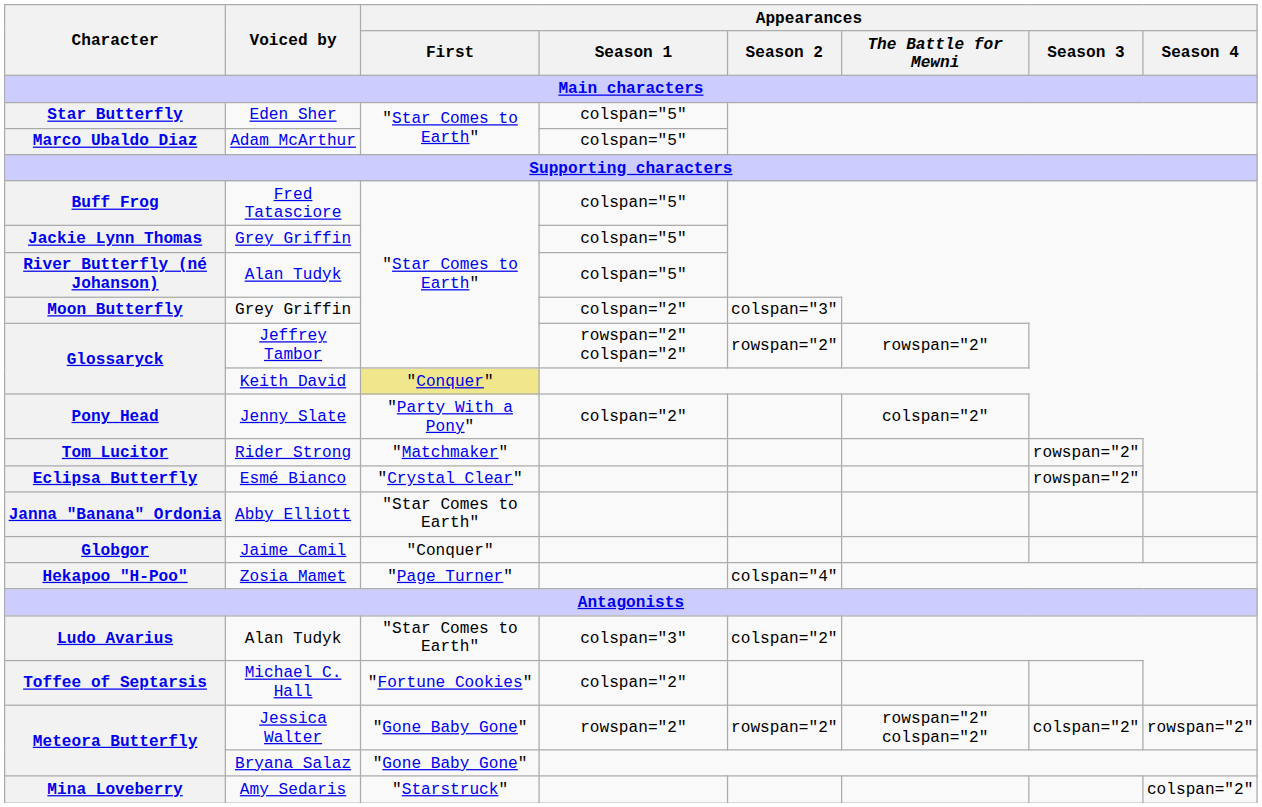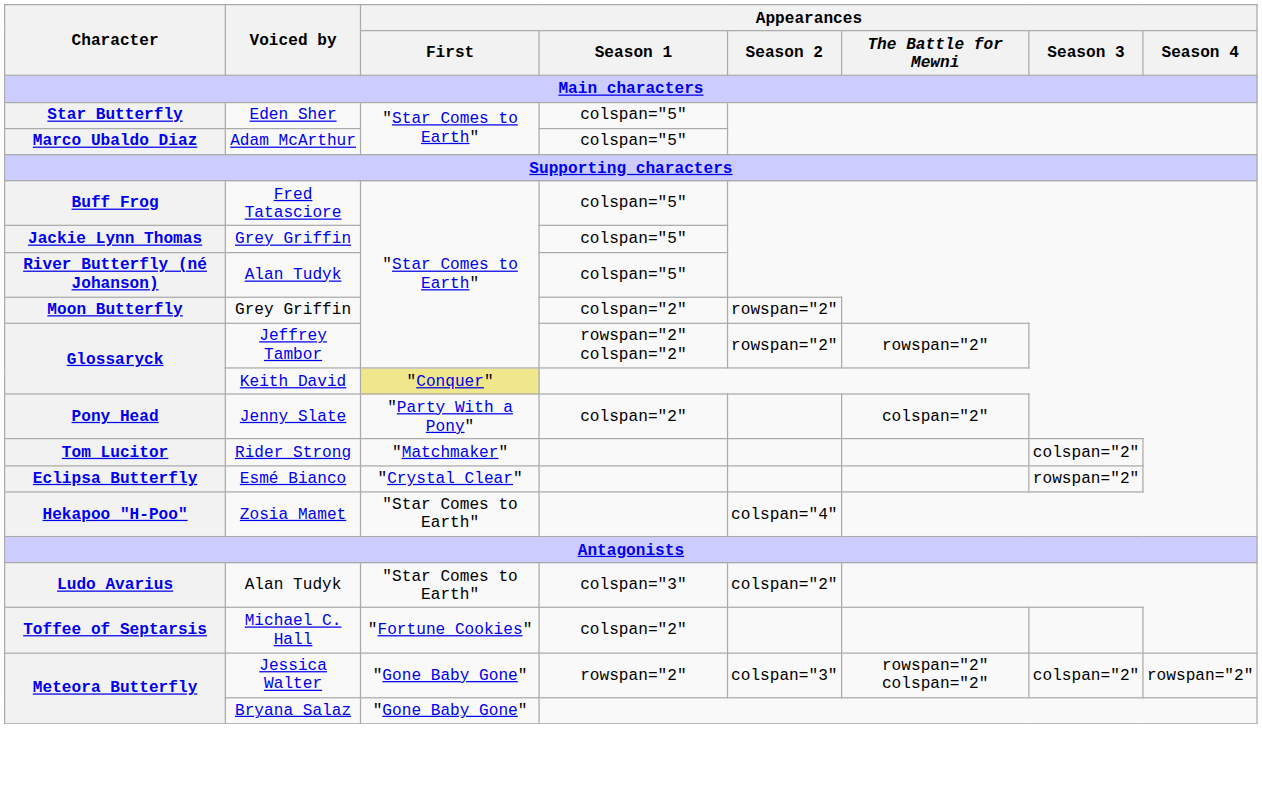 <table class="wikitable" style="text-align:center; width:80%">
 <tr>
 <th scope="col" rowspan="2">Character</th>
 <th scope="col" rowspan="2">Voiced by</th>
 <th scope="col" colspan="6">Appearances</th>
 </tr>
 <tr>
 <th scope="col">First</th>
 <th scope="col">Season 1</th>
 <th scope="col">Season 2</th>
 <th scope="col"><em>The Battle for Mewni</em></th>
 <th scope="col">Season 3</th>
 <th scope="col">Season 4</th>
 </tr>
 <tr>
 <th colspan="8" style="background-color:#ccccff;"><a href='#'>Main characters</a></th>
 </tr>
 <tr>
 <th scope="row"><a href='#'>Star Butterfly</a></th>
 <td><a href='#'>Eden Sher</a></td>
 <td rowspan="2">"<a href='#'>Star Comes to Earth</a>"</td>
 <td>colspan="5" </td>
 </tr>
 <tr>
 <th scope="row"><a href='#'>Marco Ubaldo Diaz</a></th>
 <td><a href='#'>Adam McArthur</a></td>
 <td>colspan="5" </td>
 </tr>
 <tr>
 <th colspan="8" style="background-color:#ccccff;"><a href='#'>Supporting characters</a></th>
 </tr>
 <tr>
 <th scope="row"><a href='#'>Buff Frog<br></a></th>
 <td><a href='#'>Fred Tatasciore</a></td>
 <td rowspan="5">"<a href='#'>Star Comes to Earth</a>"</td>
 <td>colspan="5" </td>
 </tr>
 <tr>
 <th scope="row"><a href='#'>Jackie Lynn Thomas</a></th>
 <td><a href='#'>Grey Griffin</a></td>
 <td>colspan="5" </td>
 </tr>
 <tr>
 <th scope="row"><a href='#'>River Butterfly (né Johanson)</a></th>
 <td><a href='#'>Alan Tudyk</a></td>
 <td>colspan="5" </td>
 </tr>
 <tr>
 <th scope="row"><a href='#'>Moon Butterfly<br></a></th>
 <td>Grey Griffin</td>
 <td>colspan="2" </td>
-<td>colspan="3" </td>
+<td>rowspan="2" </td>
 </tr>
 <tr>
 <th rowspan="2" scope="row"><a href='#'>Glossaryck</a></th>
 <td><a href='#'>Jeffrey Tambor</a></td>
 <td>rowspan="2" colspan="2" </td>
 <td>rowspan="2" </td>
 <td>rowspan="2" </td>
 </tr>
 <tr>
 <td><a href='#'>Keith David</a></td>
 <td style="background: khaki;">"<a href='#'>Conquer</a>"</td>
 </tr>
 <tr>
 <th scope="row"><a href='#'>Pony Head</a></th>
 <td><a href='#'>Jenny Slate</a></td>
 <td>"<a href='#'>Party With a Pony</a>"</td>
 <td>colspan="2" </td>
 <td></td>
 <td>colspan="2" </td>
 </tr>
 <tr>
 <th scope="row"><a href='#'>Tom Lucitor</a></th>
 <td><a href='#'>Rider Strong</a></td>
 <td>"<a href='#'>Matchmaker</a>"</td>
 <td></td>
 <td></td>
 <td></td>
-<td>rowspan="2" </td>
+<td>colspan="2" </td>
 </tr>
 <tr>
 <th scope="row"><a href='#'>Eclipsa Butterfly<br></a></th>
 <td><a href='#'>Esmé Bianco</a></td>
 <td>"<a href='#'>Crystal Clear</a>"</td>
 <td></td>
 <td></td>
 <td></td>
 <td>rowspan="2" </td>
 </tr>
 <tr>
-<th scope="row"><a href='#'>Janna "Banana" Ordonia</a></th>
-<td><a href='#'>Abby Elliott</a></td>
-<td>"Star Comes to Earth"</td>
-<td></td>
-<td></td>
-<td></td>
-<td></td>
-<td></td>
-</tr>
-<tr>
-<th scope="row"><a href='#'>Globgor<br></a></th>
-<td><a href='#'>Jaime Camil</a></td>
-<td>"Conquer"</td>
-<td></td>
-<td></td>
-<td></td>
-<td></td>
-<td></td>
-</tr>
-<tr>
 <th scope="row"><a href='#'>Hekapoo "H-Poo"</a></th>
 <td><a href='#'>Zosia Mamet</a></td>
-<td>"<a href='#'>Page Turner</a>"</td>
+<td>"Star Comes to Earth"</td>
 <td></td>
 <td>colspan="4" </td>
 </tr>
 <tr>
 <th colspan="8" style="background-color:#ccccff;"><a href='#'>Antagonists</a></th>
 </tr>
 <tr>
 <th scope="row"><a href='#'>Ludo Avarius</a></th>
 <td>Alan Tudyk</td>
 <td>"Star Comes to Earth"</td>
 <td>colspan="3" </td>
 <td>colspan="2" </td>
 </tr>
 <tr>
 <th scope="row"><a href='#'>Toffee of Septarsis</a></th>
 <td><a href='#'>Michael C. Hall</a></td>
 <td>"<a href='#'>Fortune Cookies</a>"</td>
 <td>colspan="2" </td>
 <td></td>
 <td></td>
 <td></td>
 </tr>
 <tr>
 <th rowspan="2" scope="row"><a href='#'>Meteora Butterfly<br></a></th>
 <td><a href='#'>Jessica Walter</a></td>
 <td>"<a href='#'>Gone Baby Gone</a>"</td>
 <td>rowspan="2" </td>
-<td>rowspan="2" </td>
+<td>colspan="3" </td>
 <td>rowspan="2" colspan="2" </td>
 <td>colspan="2" </td>
 <td>rowspan="2" </td>
 </tr>
 <tr>
 <td><a href='#'>Bryana Salaz</a></td>
 <td>"<a href='#'>Gone Baby Gone</a>"</td>
 </tr>
-<tr>
-<th scope="row"><a href='#'>Mina Loveberry</a></th>
-<td><a href='#'>Amy Sedaris</a></td>
-<td>"<a href='#'>Starstruck</a>"</td>
-<td></td>
-<td></td>
-<td></td>
-<td></td>
-<td>colspan="2" </td>
-</tr>
 </table>
